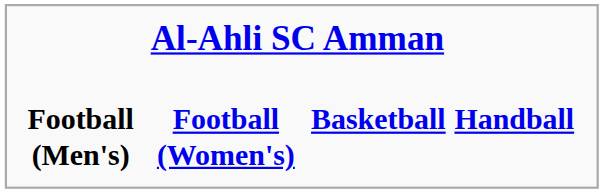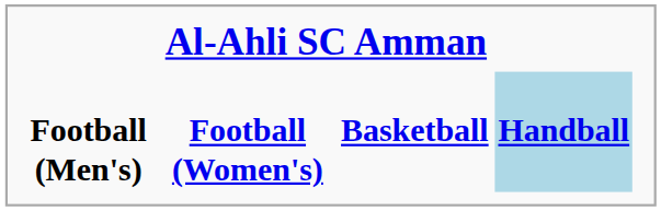 <table class="infobox" style="width: 270px;">
 <tr>
 <th colspan="4"><a href='#'><span>Al-Ahli SC Amman</span></a></th>
 </tr>
 <tr style="font-size: 85%; text-align: center">
 <td><br><strong>Football (Men's)</strong></td>
 <td><br><strong><a href='#'>Football (Women's)</a></strong></td>
 <td><br><strong><a href='#'>Basketball</a></strong></td>
-<td><br><strong><a href='#'>Handball</a></strong></td>
+<td style="background: lightblue;"><br><strong><a href='#'>Handball</a></strong></td>
 <td></td>
 </tr>
 </table>
